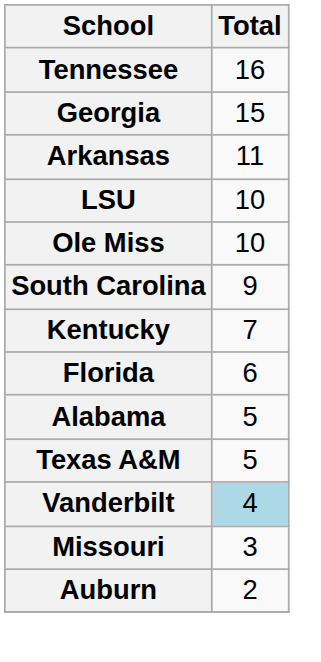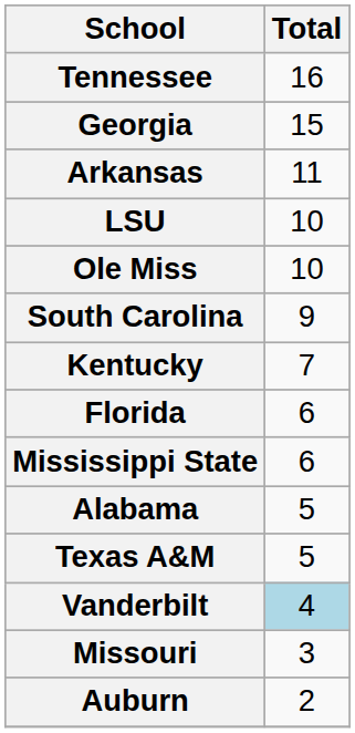 <table class=wikitable style="text-align:center">
 <tr>
 <th>School</th>
 <th>Total</th>
 </tr>
 <tr>
 <th>Tennessee</th>
 <td>16</td>
 </tr>
 <tr>
 <th>Georgia</th>
 <td>15</td>
 </tr>
 <tr>
 <th>Arkansas</th>
 <td>11</td>
 </tr>
 <tr>
 <th>LSU</th>
 <td>10</td>
 </tr>
 <tr>
 <th>Ole Miss</th>
 <td>10</td>
 </tr>
 <tr>
 <th>South Carolina</th>
 <td>9</td>
 </tr>
 <tr>
 <th>Kentucky</th>
 <td>7</td>
 </tr>
 <tr>
 <th>Florida</th>
 <td>6</td>
 </tr>
 <tr>
+<th>Mississippi State</th>
+<td>6</td>
+</tr>
+<tr>
 <th>Alabama</th>
 <td>5</td>
 </tr>
 <tr>
 <th>Texas A&M</th>
 <td>5</td>
 </tr>
 <tr>
 <th>Vanderbilt</th>
 <td style="background: lightblue;">4</td>
 </tr>
 <tr>
 <th>Missouri</th>
 <td>3</td>
 </tr>
 <tr>
 <th>Auburn</th>
 <td>2</td>
 </tr>
 <tr>
 </tr>
 </table>
